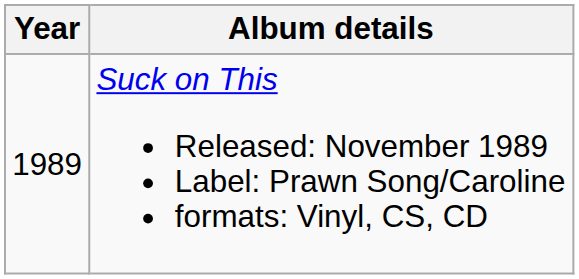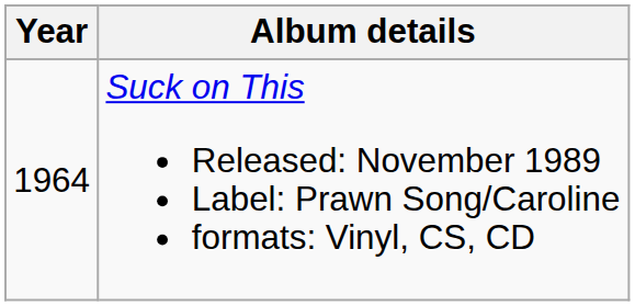 <table class="wikitable">
 <tr>
 <th>Year</th>
 <th>Album details</th>
 </tr>
 <tr>
-<td>1989</td>
+<td>1964</td>
 <td><em><a href='#'>Suck on This</a></em><br><ul><li>Released: November 1989</li><li>Label: Prawn Song/Caroline</li><li>formats: Vinyl, CS, CD</li></ul></td>
 </tr>
 </table>
